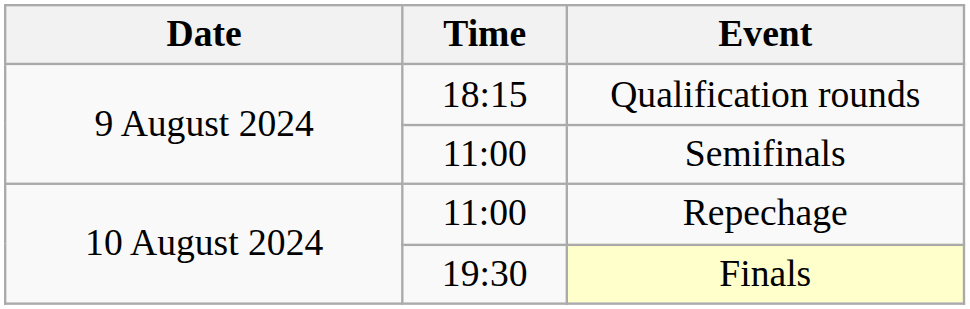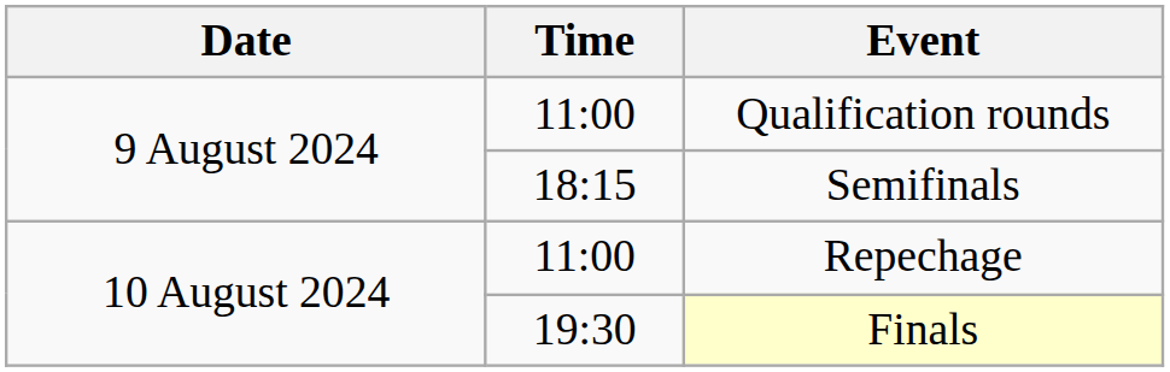 <table class = "wikitable" style="text-align:center;">
 <tr>
 <th width=162>Date</th>
 <th width=62>Time</th>
 <th width=162>Event</th>
 </tr>
 <tr>
 <td rowspan=2>9 August 2024</td>
-<td>18:15</td>
+<td>11:00</td>
 <td>Qualification rounds</td>
 </tr>
 <tr>
-<td>11:00</td>
+<td>18:15</td>
 <td>Semifinals</td>
 </tr>
 <tr>
 <td rowspan=2>10 August 2024</td>
 <td>11:00</td>
 <td>Repechage</td>
 </tr>
 <tr>
 <td>19:30</td>
 <td bgcolor=ffffcc>Finals</td>
 </tr>
 </table>
